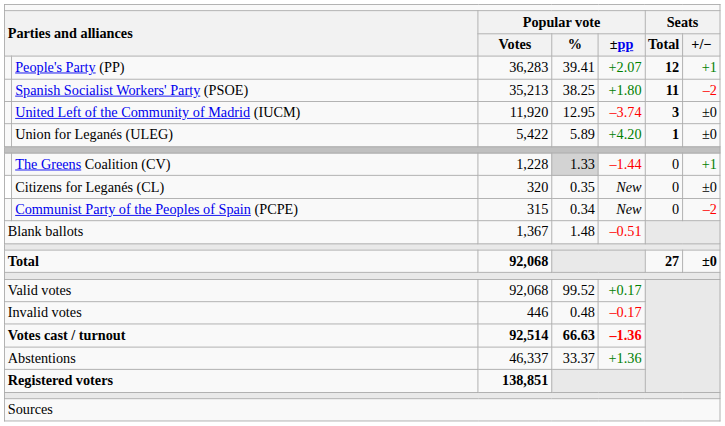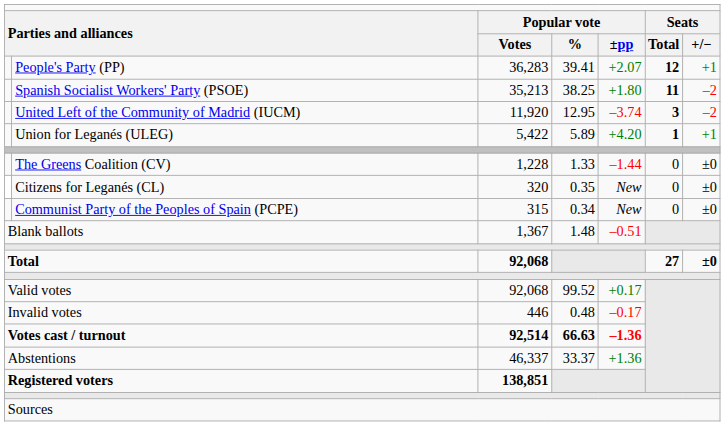 <table class="wikitable" style="text-align:right;">
 <tr>
 <td colspan="7"></td>
 </tr>
 <tr>
 <th style="text-align:left;" rowspan="2" colspan="2" width="525">Parties and alliances</th>
 <th colspan="3">Popular vote</th>
 <th colspan="2">Seats</th>
 </tr>
 <tr>
 <th width="75">Votes</th>
 <th width="45">%</th>
 <th width="45">±<a href='#'>pp</a></th>
 <th width="35">Total</th>
 <th width="35">+/−</th>
 </tr>
 <tr>
 <td width="1" style="color:inherit;background:"></td>
 <td align="left"><a href='#'>People's Party</a> (PP)</td>
 <td>36,283</td>
 <td>39.41</td>
 <td style="color:green;">+2.07</td>
 <td><strong>12</strong></td>
 <td style="color:green;">+1</td>
 </tr>
 <tr>
 <td style="color:inherit;background:"></td>
 <td align="left"><a href='#'>Spanish Socialist Workers' Party</a> (PSOE)</td>
 <td>35,213</td>
 <td>38.25</td>
 <td style="color:green;">+1.80</td>
 <td><strong>11</strong></td>
 <td style="color:red;">–2</td>
 </tr>
 <tr>
 <td style="color:inherit;background:"></td>
 <td align="left"><a href='#'>United Left of the Community of Madrid</a> (IUCM)</td>
 <td>11,920</td>
 <td>12.95</td>
 <td style="color:red;">–3.74</td>
 <td><strong>3</strong></td>
-<td>±0</td>
+<td style="color:red;">–2</td>
 </tr>
 <tr>
 <td style="color:inherit;background:"></td>
 <td align="left">Union for Leganés (ULEG)</td>
 <td>5,422</td>
 <td>5.89</td>
 <td style="color:green;">+4.20</td>
 <td><strong>1</strong></td>
-<td>±0</td>
+<td style="color:green;">+1</td>
 </tr>
 <tr>
 <td colspan="7" bgcolor="#C0C0C0"></td>
 </tr>
 <tr>
 <td style="color:inherit;background:"></td>
 <td align="left"><a href='#'>The Greens</a> Coalition (CV)</td>
 <td>1,228</td>
-<td style="background: lightgrey;">1.33</td>
+<td>1.33</td>
 <td style="color:red;">–1.44</td>
 <td>0</td>
-<td style="color:green;">+1</td>
+<td>±0</td>
 </tr>
 <tr>
 <td bgcolor="white"></td>
 <td align="left">Citizens for Leganés (CL)</td>
 <td>320</td>
 <td>0.35</td>
 <td><em>New</em></td>
 <td>0</td>
 <td>±0</td>
 </tr>
 <tr>
 <td style="color:inherit;background:"></td>
 <td align="left"><a href='#'>Communist Party of the Peoples of Spain</a> (PCPE)</td>
 <td>315</td>
 <td>0.34</td>
 <td><em>New</em></td>
 <td>0</td>
-<td style="color:red;">–2</td>
+<td>±0</td>
 </tr>
 <tr>
 <td align="left" colspan="2">Blank ballots</td>
 <td>1,367</td>
 <td>1.48</td>
 <td style="color:red;">–0.51</td>
 <td bgcolor="#E9E9E9" colspan="2"></td>
 </tr>
 <tr>
 <td colspan="7" bgcolor="#E9E9E9"></td>
 </tr>
 <tr style="font-weight:bold;">
 <td align="left" colspan="2">Total</td>
 <td>92,068</td>
 <td bgcolor="#E9E9E9" colspan="2"></td>
 <td>27</td>
 <td>±0</td>
 </tr>
 <tr>
 <td colspan="7" bgcolor="#E9E9E9"></td>
 </tr>
 <tr>
 <td align="left" colspan="2">Valid votes</td>
 <td>92,068</td>
 <td>99.52</td>
 <td style="color:green;">+0.17</td>
 <td bgcolor="#E9E9E9" colspan="2" rowspan="5"></td>
 </tr>
 <tr>
 <td align="left" colspan="2">Invalid votes</td>
 <td>446</td>
 <td>0.48</td>
 <td style="color:red;">–0.17</td>
 </tr>
 <tr style="font-weight:bold;">
 <td align="left" colspan="2">Votes cast / turnout</td>
 <td>92,514</td>
 <td>66.63</td>
 <td style="color:red;">–1.36</td>
 </tr>
 <tr>
 <td align="left" colspan="2">Abstentions</td>
 <td>46,337</td>
 <td>33.37</td>
 <td style="color:green;">+1.36</td>
 </tr>
 <tr style="font-weight:bold;">
 <td align="left" colspan="2">Registered voters</td>
 <td>138,851</td>
 <td bgcolor="#E9E9E9" colspan="2"></td>
 </tr>
 <tr>
 <td colspan="7" bgcolor="#E9E9E9"></td>
 </tr>
 <tr>
 <td align="left" colspan="7">Sources</td>
 </tr>
 </table>
